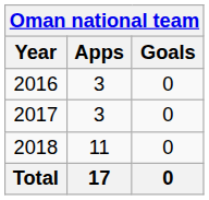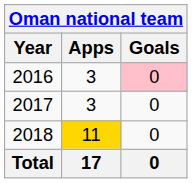 <table class="wikitable" style="text-align:center">
 <tr>
 <th colspan=3><a href='#'>Oman national team</a></th>
 </tr>
 <tr>
 <th>Year</th>
 <th>Apps</th>
 <th>Goals</th>
 </tr>
 <tr>
 <td>2016</td>
 <td>3</td>
-<td>0</td>
+<td style="background: pink;">0</td>
 </tr>
 <tr>
 <td>2017</td>
 <td>3</td>
 <td>0</td>
 </tr>
 <tr>
 <td>2018</td>
-<td>11</td>
+<td style="background: gold;">11</td>
 <td>0</td>
 </tr>
 <tr>
 <th>Total</th>
 <th>17</th>
 <th>0</th>
 </tr>
 </table>
